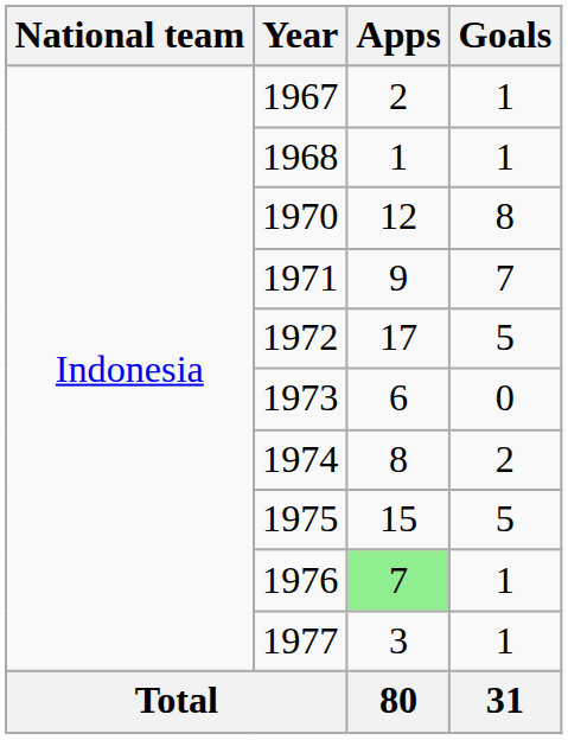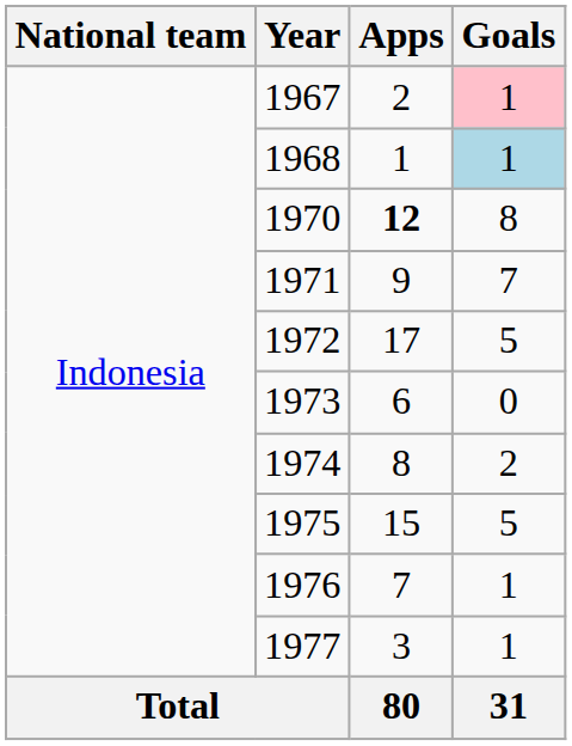 <table class="wikitable" style="text-align:center">
 <tr>
 <th>National team</th>
 <th>Year</th>
 <th>Apps</th>
 <th>Goals</th>
 </tr>
 <tr>
 <td rowspan="10"><a href='#'>Indonesia</a></td>
 <td>1967</td>
 <td>2</td>
-<td>1</td>
+<td style="background: pink;">1</td>
 </tr>
 <tr>
 <td>1968</td>
 <td>1</td>
-<td>1</td>
+<td style="background: lightblue;">1</td>
 </tr>
 <tr>
 <td>1970</td>
-<td>12</td>
+<td><strong>12</strong></td>
 <td>8</td>
 </tr>
 <tr>
 <td>1971</td>
 <td>9</td>
 <td>7</td>
 </tr>
 <tr>
 <td>1972</td>
 <td>17</td>
 <td>5</td>
 </tr>
 <tr>
 <td>1973</td>
 <td>6</td>
 <td>0</td>
 </tr>
 <tr>
 <td>1974</td>
 <td>8</td>
 <td>2</td>
 </tr>
 <tr>
 <td>1975</td>
 <td>15</td>
 <td>5</td>
 </tr>
 <tr>
 <td>1976</td>
-<td style="background: lightgreen;">7</td>
+<td>7</td>
 <td>1</td>
 </tr>
 <tr>
 <td>1977</td>
 <td>3</td>
 <td>1</td>
 </tr>
 <tr>
 <th colspan="2">Total</th>
 <th>80</th>
 <th>31</th>
 </tr>
 </table>
